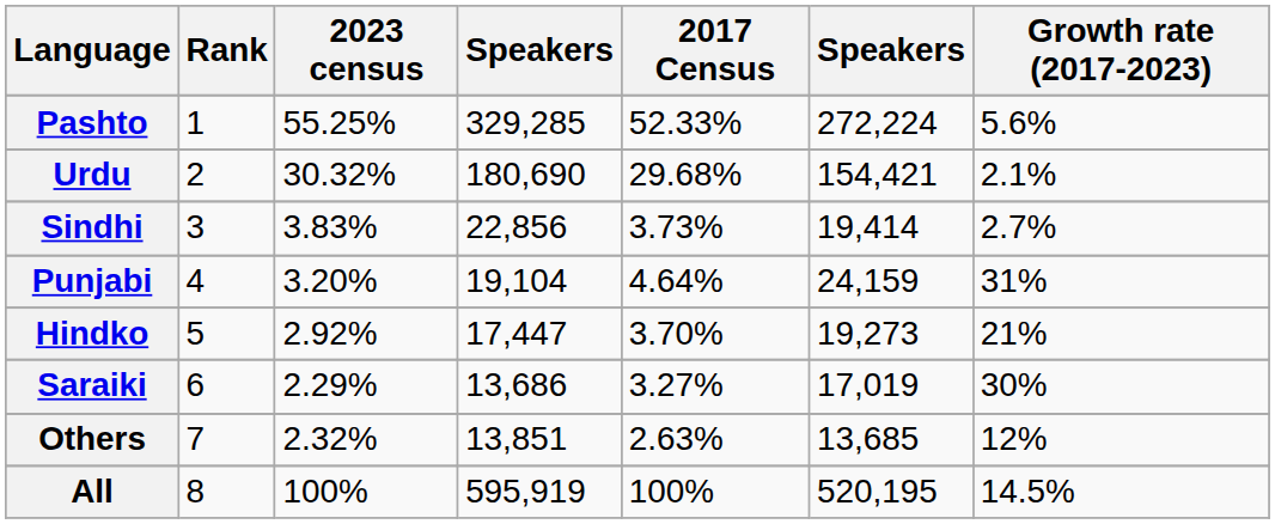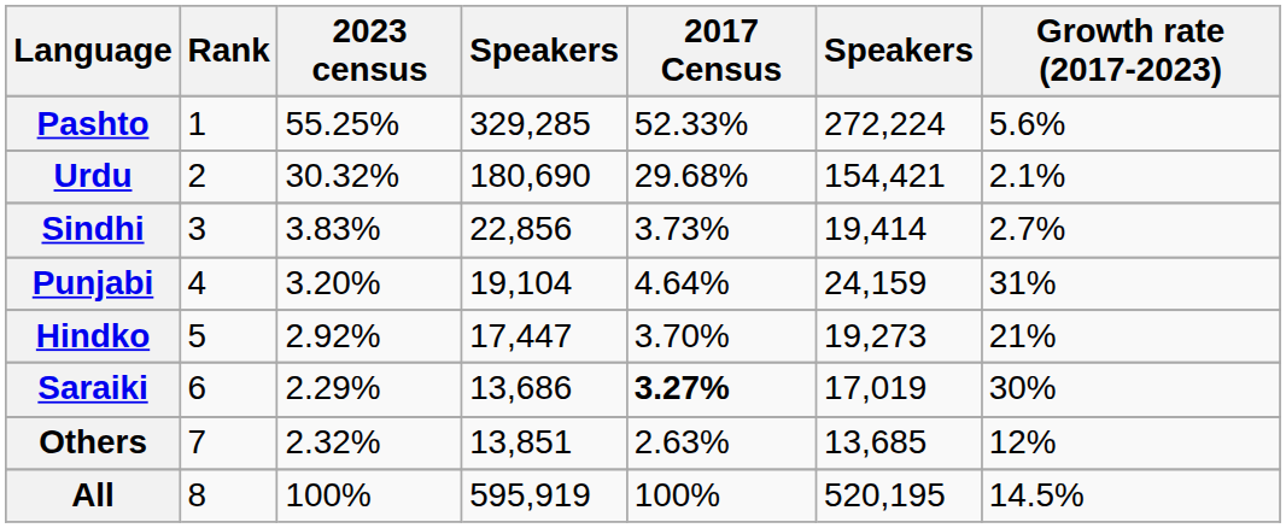 <table class="wikitable">
 <tr>
 <th>Language</th>
 <th>Rank</th>
 <th>2023 census</th>
 <th>Speakers</th>
 <th>2017 Census</th>
 <th>Speakers</th>
 <th>Growth rate (2017-2023)</th>
 </tr>
 <tr>
 </tr>
 <tr>
 </tr>
 <tr>
 </tr>
 <tr>
 </tr>
 <tr>
 </tr>
 <tr>
 </tr>
 <tr>
 </tr>
 <tr>
 </tr>
 <tr>
 <th><a href='#'>Pashto</a></th>
 <td>1</td>
 <td>55.25%</td>
 <td>329,285</td>
 <td>52.33%</td>
 <td>272,224</td>
 <td>5.6%</td>
 </tr>
 <tr>
 </tr>
 <tr>
 </tr>
 <tr>
 </tr>
 <tr>
 <th><a href='#'>Urdu</a></th>
 <td>2</td>
 <td>30.32%</td>
 <td>180,690</td>
 <td>29.68%</td>
 <td>154,421</td>
 <td>2.1%</td>
 </tr>
 <tr>
 </tr>
 <tr>
 </tr>
 <tr>
 </tr>
 <tr>
 <th><a href='#'>Sindhi</a></th>
 <td>3</td>
 <td>3.83%</td>
 <td>22,856</td>
 <td>3.73%</td>
 <td>19,414</td>
 <td>2.7%</td>
 </tr>
 <tr>
 </tr>
 <tr>
 </tr>
 <tr>
 </tr>
 <tr>
 <th><a href='#'>Punjabi</a></th>
 <td>4</td>
 <td>3.20%</td>
 <td>19,104</td>
 <td>4.64%</td>
 <td>24,159</td>
 <td>31%</td>
 </tr>
 <tr>
 </tr>
 <tr>
 </tr>
 <tr>
 </tr>
 <tr>
 <th><a href='#'>Hindko</a></th>
 <td>5</td>
 <td>2.92%</td>
 <td>17,447</td>
 <td>3.70%</td>
 <td>19,273</td>
 <td>21%</td>
 </tr>
 <tr>
 </tr>
 <tr>
 </tr>
 <tr>
 </tr>
 <tr>
 <th><a href='#'>Saraiki</a></th>
 <td>6</td>
 <td>2.29%</td>
 <td>13,686</td>
-<td>3.27%</td>
+<td><strong>3.27%</strong></td>
 <td>17,019</td>
 <td>30%</td>
 </tr>
 <tr>
 </tr>
 <tr>
 </tr>
 <tr>
 </tr>
 <tr>
 <th>Others</th>
 <td>7</td>
 <td>2.32%</td>
 <td>13,851</td>
 <td>2.63%</td>
 <td>13,685</td>
 <td>12%</td>
 </tr>
 <tr>
 </tr>
 <tr>
 </tr>
 <tr>
 </tr>
 <tr>
 <th>All</th>
 <td>8</td>
 <td>100%</td>
 <td>595,919</td>
 <td>100%</td>
 <td>520,195</td>
 <td>14.5%</td>
 </tr>
 </table>
